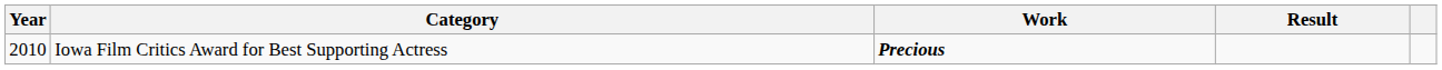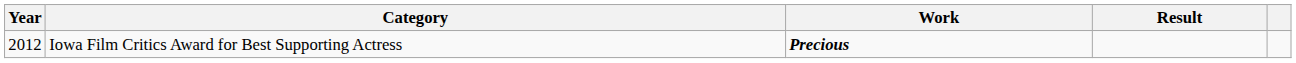 <table class="wikitable">
 <tr>
 <th scope="col" style="width:1em;">Year</th>
 <th scope="col" style="width:44em;">Category</th>
 <th scope="col" style="width:18em;">Work</th>
 <th scope="col" style="width:10em;">Result</th>
 <th class="unsortable" style="width:1em;"></th>
 </tr>
 <tr>
-<td>2010</td>
+<td>2012</td>
 <td>Iowa Film Critics Award for Best Supporting Actress</td>
 <td><strong><em>Precious</em></strong></td>
 <td></td>
 <td></td>
 </tr>
 </table>
